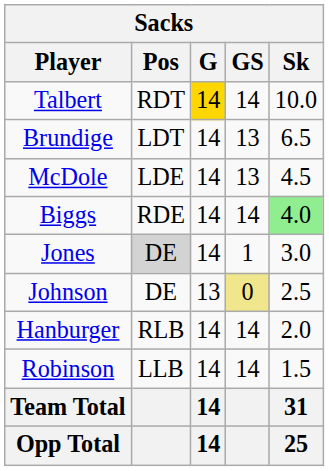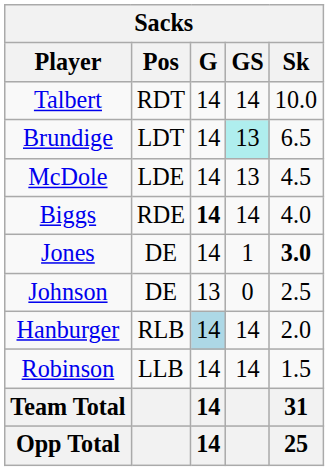 <table class="wikitable" style="text-align:center">
 <tr>
 <th colspan="5">Sacks</th>
 </tr>
 <tr>
 <th>Player</th>
 <th>Pos</th>
 <th>G</th>
 <th>GS</th>
 <th>Sk</th>
 </tr>
 <tr>
 <td><a href='#'>Talbert</a></td>
 <td>RDT</td>
-<td style="background: gold;">14</td>
+<td>14</td>
 <td>14</td>
 <td>10.0</td>
 </tr>
 <tr>
 <td><a href='#'>Brundige</a></td>
 <td>LDT</td>
 <td>14</td>
-<td>13</td>
+<td style="background: paleturquoise;">13</td>
 <td>6.5</td>
 </tr>
 <tr>
 <td><a href='#'>McDole</a></td>
 <td>LDE</td>
 <td>14</td>
 <td>13</td>
 <td>4.5</td>
 </tr>
 <tr>
 <td><a href='#'>Biggs</a></td>
 <td>RDE</td>
+<td><strong>14</strong></td>
 <td>14</td>
-<td>14</td>
-<td style="background: lightgreen;">4.0</td>
+<td>4.0</td>
 </tr>
 <tr>
 <td><a href='#'>Jones</a></td>
-<td style="background: lightgrey;">DE</td>
+<td>DE</td>
 <td>14</td>
 <td>1</td>
-<td>3.0</td>
+<td><strong>3.0</strong></td>
 </tr>
 <tr>
 <td><a href='#'>Johnson</a></td>
 <td>DE</td>
 <td>13</td>
-<td style="background: khaki;">0</td>
+<td>0</td>
 <td>2.5</td>
 </tr>
 <tr>
 <td><a href='#'>Hanburger</a></td>
 <td>RLB</td>
-<td>14</td>
+<td style="background: lightblue;">14</td>
 <td>14</td>
 <td>2.0</td>
 </tr>
 <tr>
 <td><a href='#'>Robinson</a></td>
 <td>LLB</td>
 <td>14</td>
 <td>14</td>
 <td>1.5</td>
 </tr>
 <tr>
 <th>Team Total</th>
 <th></th>
 <th>14</th>
 <th></th>
 <th>31</th>
 </tr>
 <tr>
 <th>Opp Total</th>
 <th></th>
 <th>14</th>
 <th></th>
 <th>25</th>
 </tr>
 </table>
